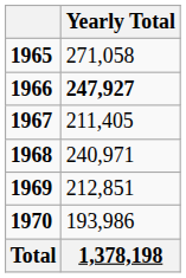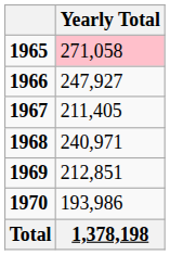 <table class="wikitable">
 <tr>
 <th></th>
 <th>Yearly Total</th>
 </tr>
 <tr>
 <td><strong>1965</strong></td>
-<td>271,058</td>
+<td style="background: pink;">271,058</td>
 </tr>
 <tr>
 <td><strong>1966</strong></td>
-<td><strong>247,927</strong></td>
+<td>247,927</td>
 </tr>
 <tr>
 <td><strong>1967</strong></td>
 <td>211,405</td>
 </tr>
 <tr>
 <td><strong>1968</strong></td>
 <td>240,971</td>
 </tr>
 <tr>
 <td><strong>1969</strong></td>
 <td>212,851</td>
 </tr>
 <tr>
 <td><strong>1970</strong></td>
 <td>193,986</td>
 </tr>
 <tr>
 <th><strong>Total</strong></th>
 <th><strong><u>1,378,198</u></strong></th>
 </tr>
 </table>
